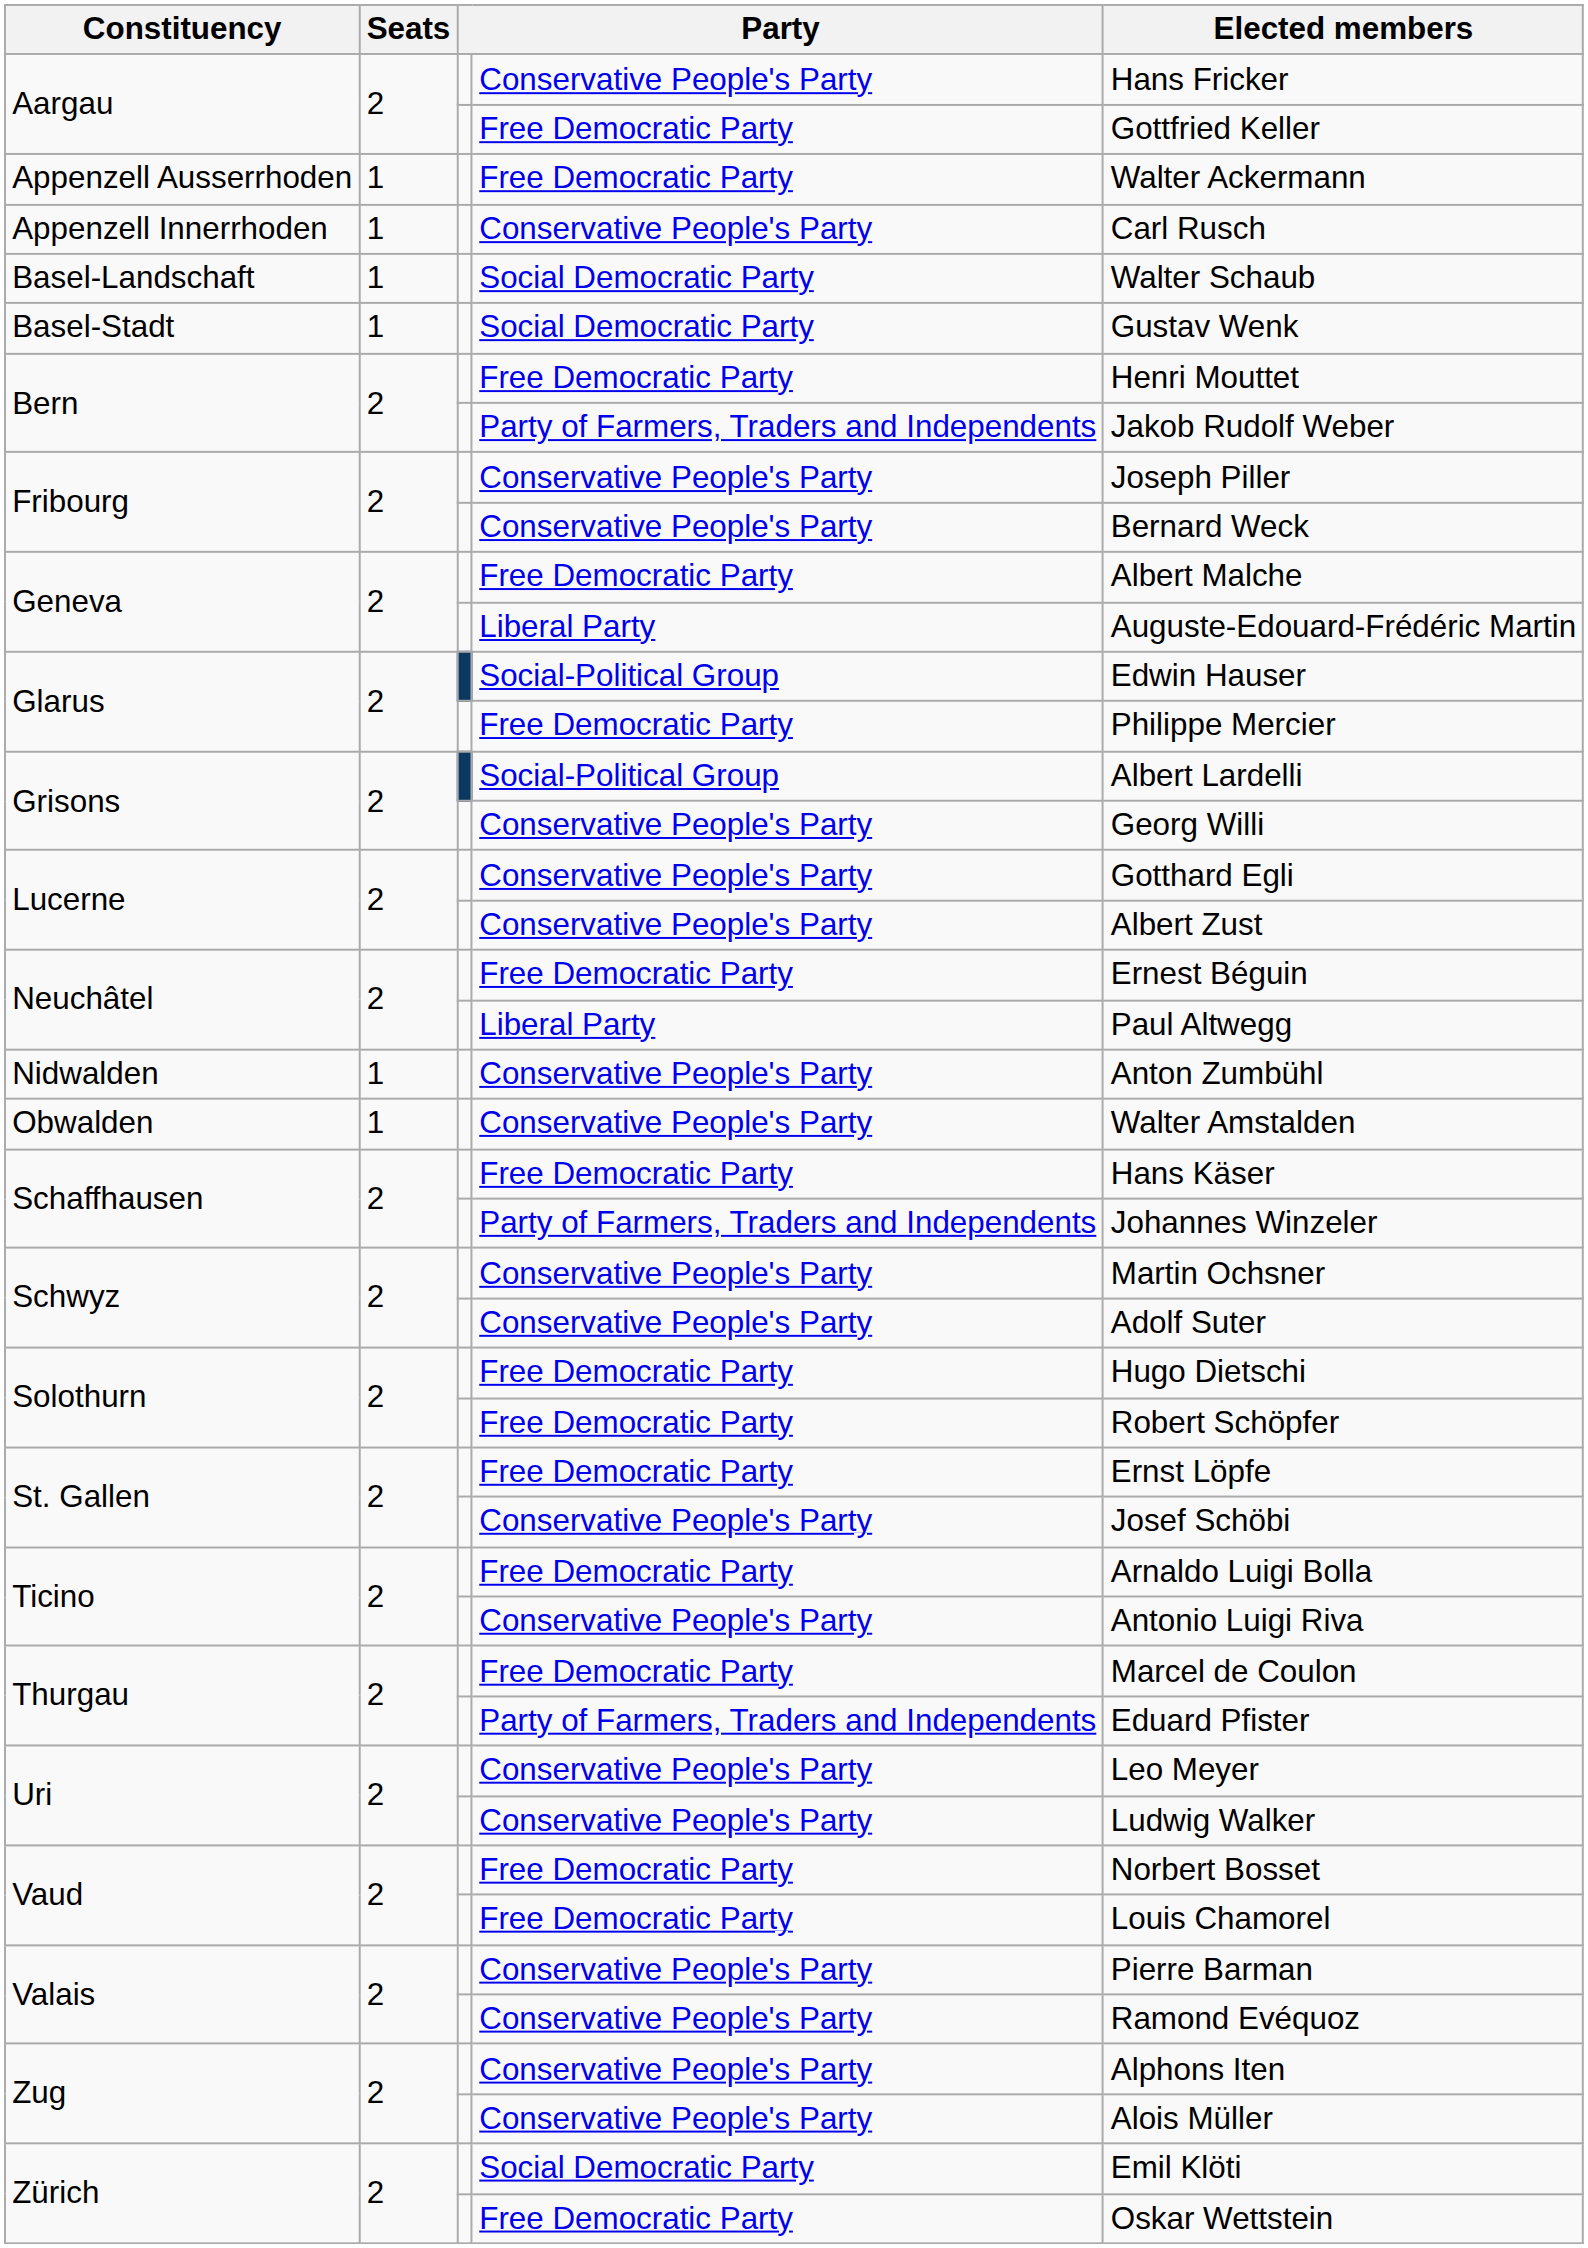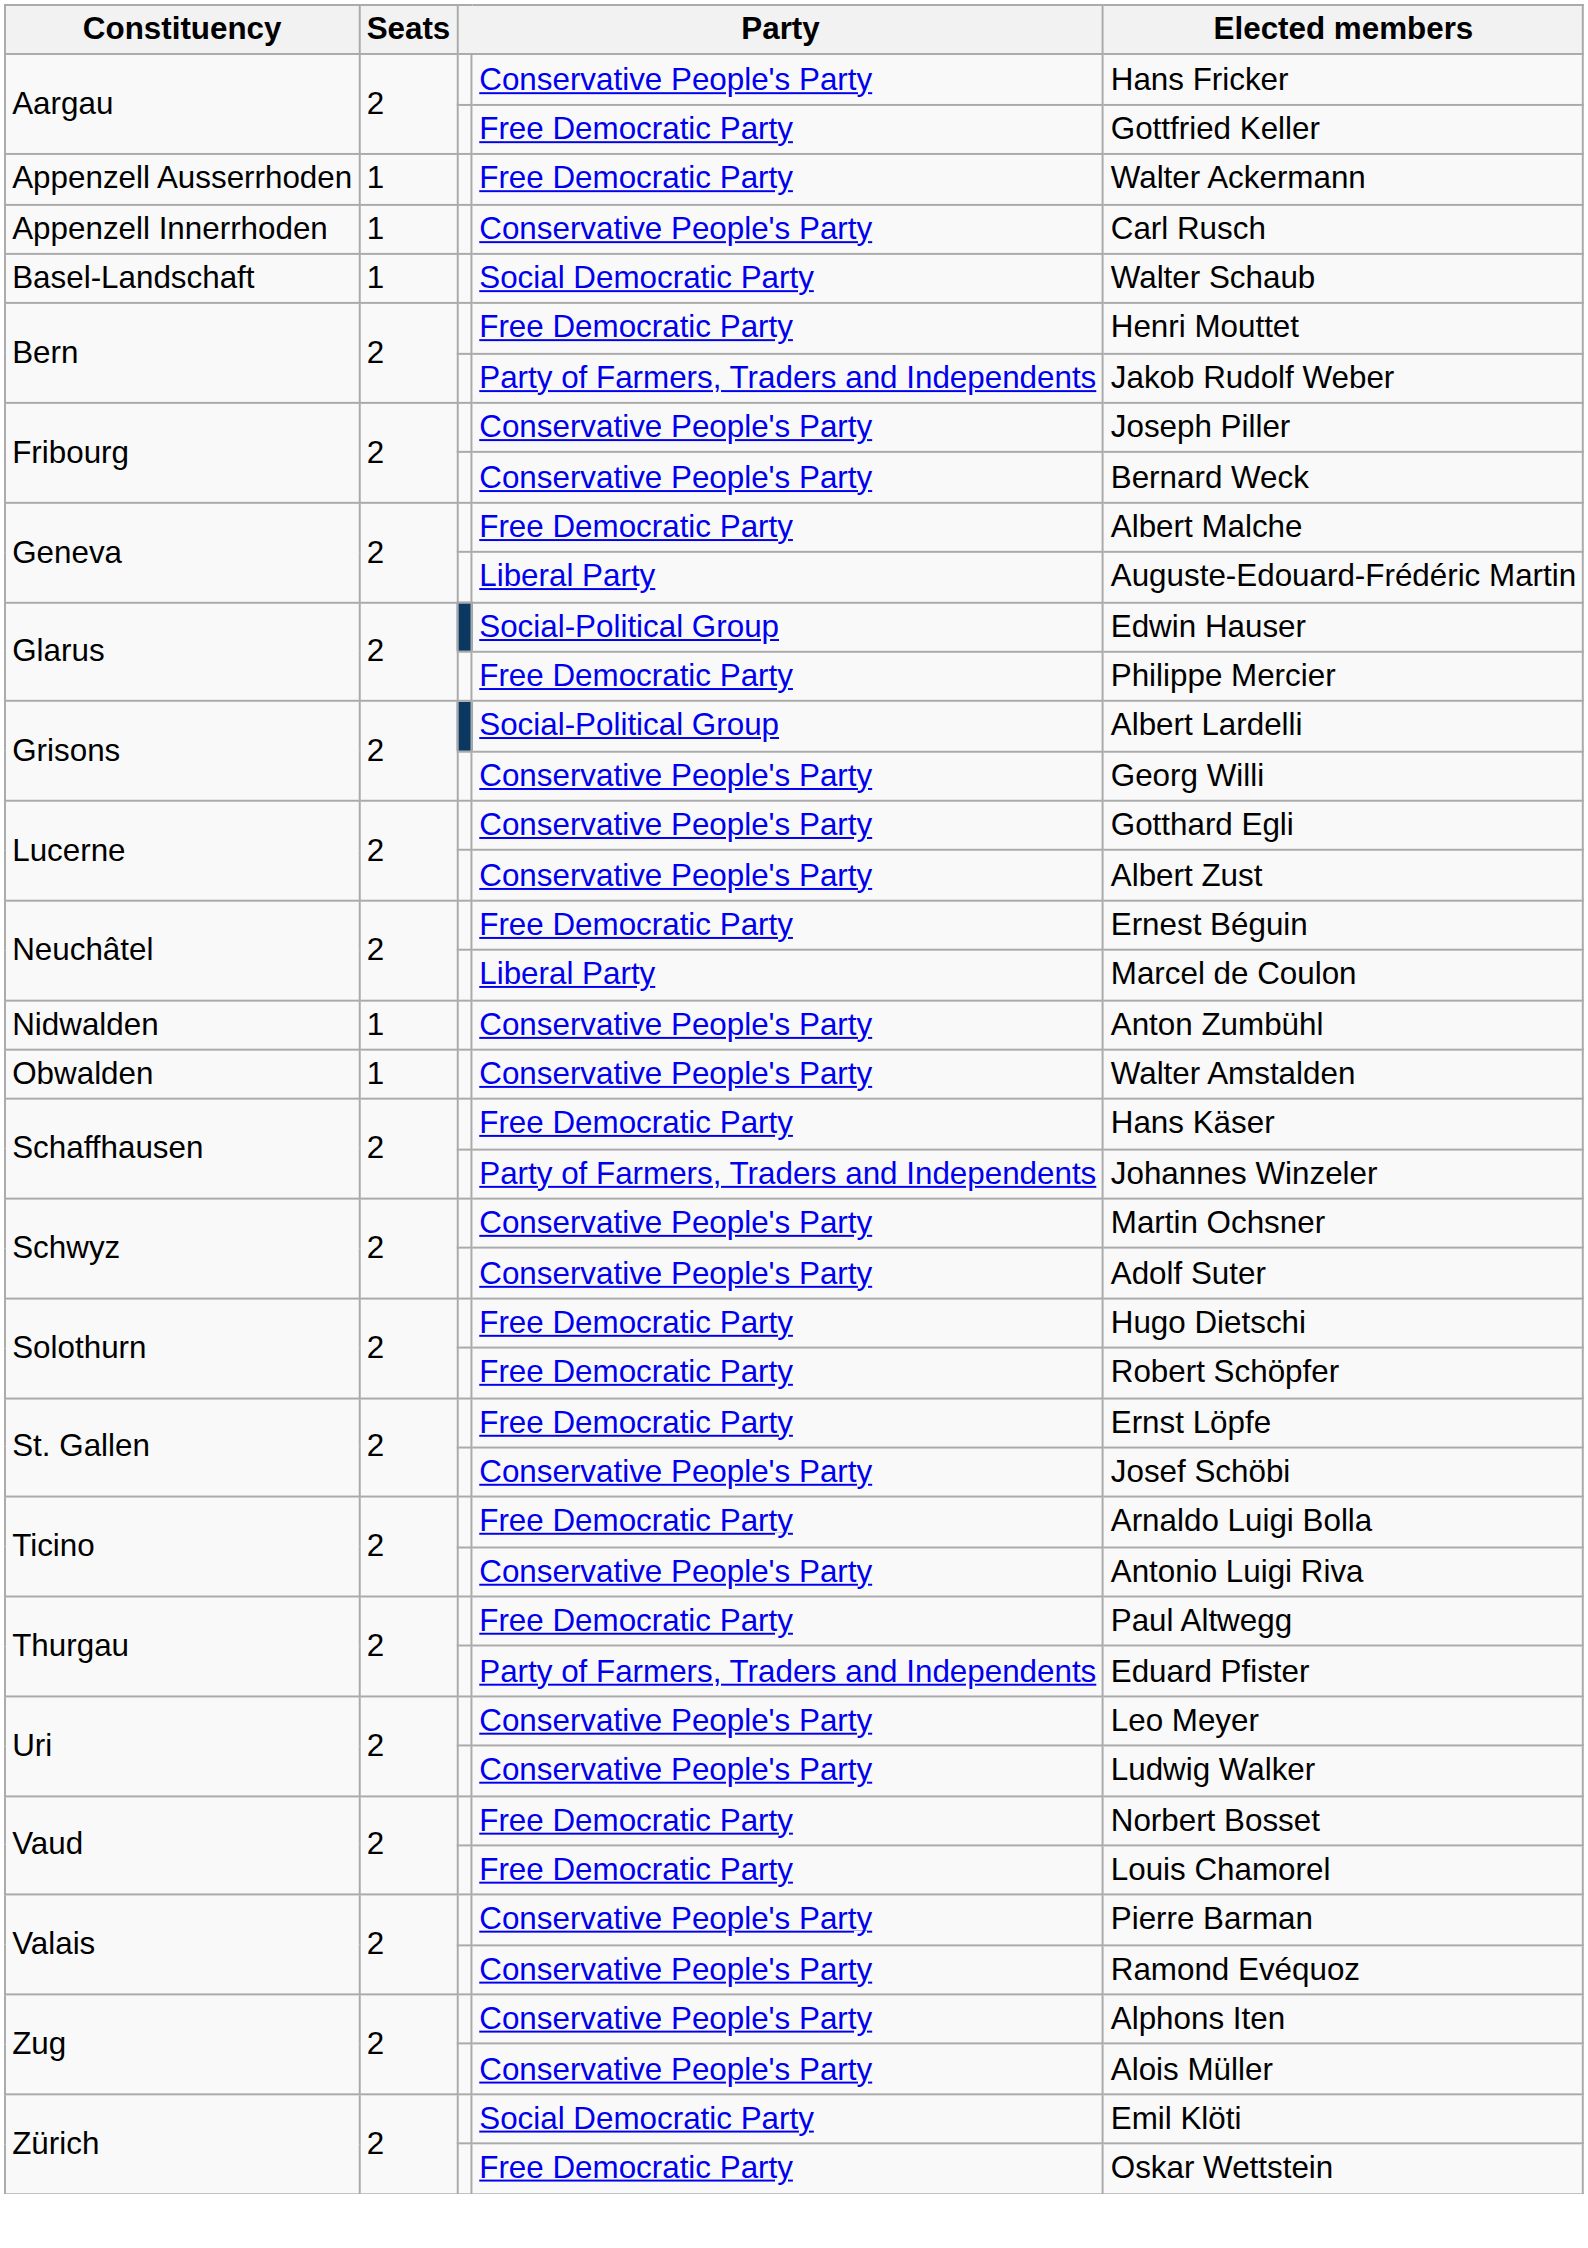 <table class="wikitable">
 <tr>
 <th>Constituency</th>
 <th>Seats</th>
 <th colspan="2">Party</th>
 <th>Elected members</th>
 </tr>
 <tr>
 <td rowspan="2">Aargau</td>
 <td rowspan="2">2</td>
 <td style="color:inherit;background:"></td>
 <td><a href='#'>Conservative People's Party</a></td>
 <td>Hans Fricker</td>
 </tr>
 <tr>
 <td style="color:inherit;background:"></td>
 <td><a href='#'>Free Democratic Party</a></td>
 <td>Gottfried Keller</td>
 </tr>
 <tr>
 <td>Appenzell Ausserrhoden</td>
 <td>1</td>
 <td style="color:inherit;background:"></td>
 <td><a href='#'>Free Democratic Party</a></td>
 <td>Walter Ackermann</td>
 </tr>
 <tr>
 <td>Appenzell Innerrhoden</td>
 <td>1</td>
 <td style="color:inherit;background:"></td>
 <td><a href='#'>Conservative People's Party</a></td>
 <td>Carl Rusch</td>
 </tr>
 <tr>
 <td>Basel-Landschaft</td>
 <td>1</td>
 <td style="color:inherit;background:"></td>
 <td><a href='#'>Social Democratic Party</a></td>
 <td>Walter Schaub</td>
-</tr>
-<tr>
-<td>Basel-Stadt</td>
-<td>1</td>
-<td style="color:inherit;background:"></td>
-<td><a href='#'>Social Democratic Party</a></td>
-<td>Gustav Wenk</td>
 </tr>
 <tr>
 <td rowspan="2">Bern</td>
 <td rowspan="2">2</td>
 <td style="color:inherit;background:"></td>
 <td><a href='#'>Free Democratic Party</a></td>
 <td>Henri Mouttet</td>
 </tr>
 <tr>
 <td style="color:inherit;background:"></td>
 <td><a href='#'>Party of Farmers, Traders and Independents</a></td>
 <td>Jakob Rudolf Weber</td>
 </tr>
 <tr>
 <td rowspan="2">Fribourg</td>
 <td rowspan="2">2</td>
 <td style="color:inherit;background:"></td>
 <td><a href='#'>Conservative People's Party</a></td>
 <td>Joseph Piller</td>
 </tr>
 <tr>
 <td style="color:inherit;background:"></td>
 <td><a href='#'>Conservative People's Party</a></td>
 <td>Bernard Weck</td>
 </tr>
 <tr>
 <td rowspan="2">Geneva</td>
 <td rowspan="2">2</td>
 <td style="color:inherit;background:"></td>
 <td><a href='#'>Free Democratic Party</a></td>
 <td>Albert Malche</td>
 </tr>
 <tr>
 <td style="color:inherit;background:"></td>
 <td><a href='#'>Liberal Party</a></td>
 <td>Auguste-Edouard-Frédéric Martin</td>
 </tr>
 <tr>
 <td rowspan="2">Glarus</td>
 <td rowspan="2">2</td>
 <td style="color:inherit;background:#0B3861"></td>
 <td><a href='#'>Social-Political Group</a></td>
 <td>Edwin Hauser</td>
 </tr>
 <tr>
 <td style="color:inherit;background:"></td>
 <td><a href='#'>Free Democratic Party</a></td>
 <td>Philippe Mercier</td>
 </tr>
 <tr>
 <td rowspan="2">Grisons</td>
 <td rowspan="2">2</td>
 <td style="color:inherit;background:#0B3861"></td>
 <td><a href='#'>Social-Political Group</a></td>
 <td>Albert Lardelli</td>
 </tr>
 <tr>
 <td style="color:inherit;background:"></td>
 <td><a href='#'>Conservative People's Party</a></td>
 <td>Georg Willi</td>
 </tr>
 <tr>
 <td rowspan="2">Lucerne</td>
 <td rowspan="2">2</td>
 <td style="color:inherit;background:"></td>
 <td><a href='#'>Conservative People's Party</a></td>
 <td>Gotthard Egli</td>
 </tr>
 <tr>
 <td style="color:inherit;background:"></td>
 <td><a href='#'>Conservative People's Party</a></td>
 <td>Albert Zust</td>
 </tr>
 <tr>
 <td rowspan="2">Neuchâtel</td>
 <td rowspan="2">2</td>
 <td style="color:inherit;background:"></td>
 <td><a href='#'>Free Democratic Party</a></td>
 <td>Ernest Béguin</td>
 </tr>
 <tr>
 <td style="color:inherit;background:"></td>
 <td><a href='#'>Liberal Party</a></td>
-<td>Paul Altwegg</td>
+<td>Marcel de Coulon</td>
 </tr>
 <tr>
 <td>Nidwalden</td>
 <td>1</td>
 <td style="color:inherit;background:"></td>
 <td><a href='#'>Conservative People's Party</a></td>
 <td>Anton Zumbühl</td>
 </tr>
 <tr>
 <td>Obwalden</td>
 <td>1</td>
 <td style="color:inherit;background:"></td>
 <td><a href='#'>Conservative People's Party</a></td>
 <td>Walter Amstalden</td>
 </tr>
 <tr>
 <td rowspan="2">Schaffhausen</td>
 <td rowspan="2">2</td>
 <td style="color:inherit;background:"></td>
 <td><a href='#'>Free Democratic Party</a></td>
 <td>Hans Käser</td>
 </tr>
 <tr>
 <td style="color:inherit;background:"></td>
 <td><a href='#'>Party of Farmers, Traders and Independents</a></td>
 <td>Johannes Winzeler</td>
 </tr>
 <tr>
 <td rowspan="2">Schwyz</td>
 <td rowspan="2">2</td>
 <td style="color:inherit;background:"></td>
 <td><a href='#'>Conservative People's Party</a></td>
 <td>Martin Ochsner</td>
 </tr>
 <tr>
 <td style="color:inherit;background:"></td>
 <td><a href='#'>Conservative People's Party</a></td>
 <td>Adolf Suter</td>
 </tr>
 <tr>
 <td rowspan="2">Solothurn</td>
 <td rowspan="2">2</td>
 <td style="color:inherit;background:"></td>
 <td><a href='#'>Free Democratic Party</a></td>
 <td>Hugo Dietschi</td>
 </tr>
 <tr>
 <td style="color:inherit;background:"></td>
 <td><a href='#'>Free Democratic Party</a></td>
 <td>Robert Schöpfer</td>
 </tr>
 <tr>
 <td rowspan="2">St. Gallen</td>
 <td rowspan="2">2</td>
 <td style="color:inherit;background:"></td>
 <td><a href='#'>Free Democratic Party</a></td>
 <td>Ernst Löpfe</td>
 </tr>
 <tr>
 <td style="color:inherit;background:"></td>
 <td><a href='#'>Conservative People's Party</a></td>
 <td>Josef Schöbi</td>
 </tr>
 <tr>
 <td rowspan="2">Ticino</td>
 <td rowspan="2">2</td>
 <td style="color:inherit;background:"></td>
 <td><a href='#'>Free Democratic Party</a></td>
 <td>Arnaldo Luigi Bolla</td>
 </tr>
 <tr>
 <td style="color:inherit;background:"></td>
 <td><a href='#'>Conservative People's Party</a></td>
 <td>Antonio Luigi Riva</td>
 </tr>
 <tr>
 <td rowspan="2">Thurgau</td>
 <td rowspan="2">2</td>
 <td style="color:inherit;background:"></td>
 <td><a href='#'>Free Democratic Party</a></td>
-<td>Marcel de Coulon</td>
+<td>Paul Altwegg</td>
 </tr>
 <tr>
 <td style="color:inherit;background:"></td>
 <td><a href='#'>Party of Farmers, Traders and Independents</a></td>
 <td>Eduard Pfister</td>
 </tr>
 <tr>
 <td rowspan="2">Uri</td>
 <td rowspan="2">2</td>
 <td style="color:inherit;background:"></td>
 <td><a href='#'>Conservative People's Party</a></td>
 <td>Leo Meyer</td>
 </tr>
 <tr>
 <td style="color:inherit;background:"></td>
 <td><a href='#'>Conservative People's Party</a></td>
 <td>Ludwig Walker</td>
 </tr>
 <tr>
 <td rowspan="2">Vaud</td>
 <td rowspan="2">2</td>
 <td style="color:inherit;background:"></td>
 <td><a href='#'>Free Democratic Party</a></td>
 <td>Norbert Bosset</td>
 </tr>
 <tr>
 <td style="color:inherit;background:"></td>
 <td><a href='#'>Free Democratic Party</a></td>
 <td>Louis Chamorel</td>
 </tr>
 <tr>
 <td rowspan="2">Valais</td>
 <td rowspan="2">2</td>
 <td style="color:inherit;background:"></td>
 <td><a href='#'>Conservative People's Party</a></td>
 <td>Pierre Barman</td>
 </tr>
 <tr>
 <td style="color:inherit;background:"></td>
 <td><a href='#'>Conservative People's Party</a></td>
 <td>Ramond Evéquoz</td>
 </tr>
 <tr>
 <td rowspan="2">Zug</td>
 <td rowspan="2">2</td>
 <td style="color:inherit;background:"></td>
 <td><a href='#'>Conservative People's Party</a></td>
 <td>Alphons Iten</td>
 </tr>
 <tr>
 <td style="color:inherit;background:"></td>
 <td><a href='#'>Conservative People's Party</a></td>
 <td>Alois Müller</td>
 </tr>
 <tr>
 <td rowspan="2">Zürich</td>
 <td rowspan="2">2</td>
 <td style="color:inherit;background:"></td>
 <td><a href='#'>Social Democratic Party</a></td>
 <td>Emil Klöti</td>
 </tr>
 <tr>
 <td style="color:inherit;background:"></td>
 <td><a href='#'>Free Democratic Party</a></td>
 <td>Oskar Wettstein</td>
 </tr>
 </table>
